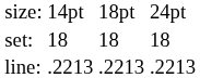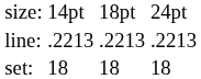 <table style="margin-left:40px;">
 <tr>
 <td>size:</td>
 <td>14pt</td>
 <td>18pt</td>
 <td>24pt</td>
 </tr>
 <tr>
+<td>line:</td>
+<td>.2213</td>
+<td>.2213</td>
+<td>.2213</td>
+</tr>
+<tr>
 <td>set:</td>
 <td>18</td>
 <td>18</td>
 <td>18</td>
 </tr>
-<tr>
-<td>line:</td>
-<td>.2213</td>
-<td>.2213</td>
-<td>.2213</td>
-</tr>
 </table>
